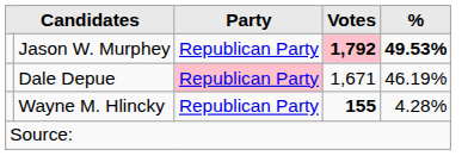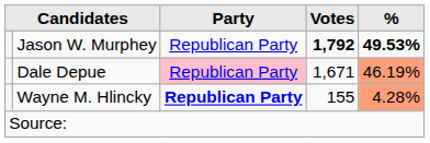 <table class=wikitable style="font-size:85%; text-align:right;">
 <tr>
 <th style="background-color:#E9E9E9" align=center colspan=2>Candidates</th>
 <th style="background-color:#E9E9E9" align=center>Party</th>
 <th style="background-color:#E9E9E9" align=center>Votes</th>
 <th style="background-color:#E9E9E9" align=center>%</th>
 </tr>
 <tr>
 <td></td>
 <td align=left>Jason W. Murphey</td>
 <td align=center><a href='#'>Republican Party</a></td>
-<td style="background: pink;"><strong>1,792</strong></td>
+<td><strong>1,792</strong></td>
 <td><strong>49.53%</strong></td>
 </tr>
 <tr>
 <td></td>
 <td align=left>Dale Depue</td>
 <td align=center style="background: pink;"><a href='#'>Republican Party</a></td>
 <td>1,671</td>
-<td>46.19%</td>
+<td style="background: lightsalmon;">46.19%</td>
 </tr>
 <tr>
 <td></td>
 <td align=left>Wayne M. Hlincky</td>
-<td align=center><a href='#'>Republican Party</a></td>
-<td><strong>155</strong></td>
-<td>4.28%</td>
+<td align=center><strong><a href='#'>Republican Party</a></strong></td>
+<td>155</td>
+<td style="background: lightsalmon;">4.28%</td>
 </tr>
 <tr>
 <td align="left" colspan=6>Source: </td>
 </tr>
 </table>
